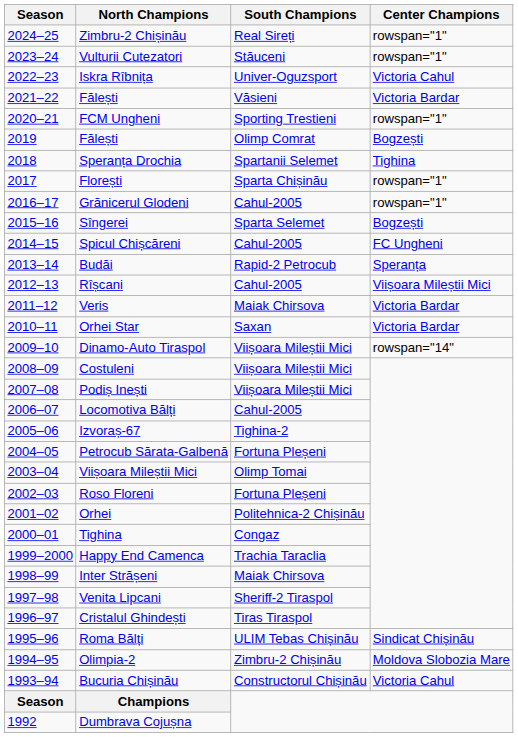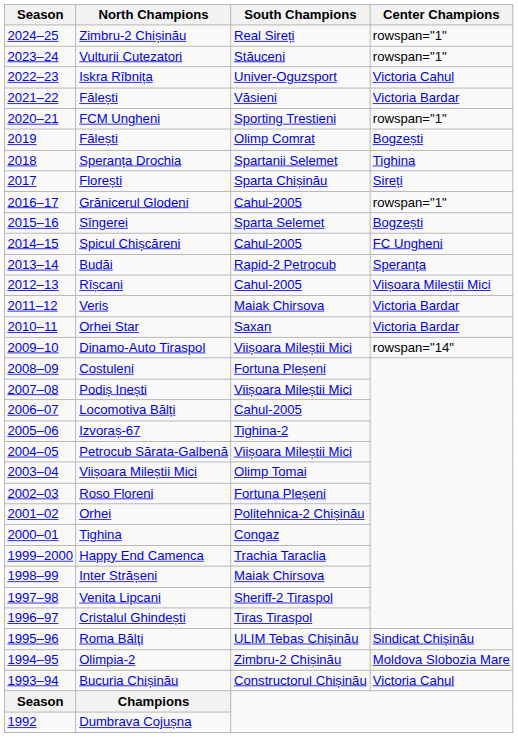 <table class="wikitable">
 <tr>
 <th>Season</th>
 <th>North Champions</th>
 <th>South Champions</th>
 <th>Center Champions</th>
 </tr>
 <tr>
 <td><a href='#'>2024–25</a></td>
 <td><a href='#'>Zimbru-2 Chișinău</a></td>
 <td><a href='#'>Real Sireți</a></td>
 <td>rowspan="1" </td>
 </tr>
 <tr>
 <td><a href='#'>2023–24</a></td>
 <td><a href='#'>Vulturii Cutezatori</a></td>
 <td><a href='#'>Stăuceni</a></td>
 <td>rowspan="1" </td>
 </tr>
 <tr>
 <td><a href='#'>2022–23</a></td>
 <td><a href='#'>Iskra Rîbnița</a></td>
 <td><a href='#'>Univer-Oguzsport</a></td>
 <td><a href='#'>Victoria Cahul</a></td>
 </tr>
 <tr>
 <td><a href='#'>2021–22</a></td>
 <td><a href='#'>Fălești</a></td>
 <td><a href='#'>Văsieni</a></td>
 <td><a href='#'>Victoria Bardar</a></td>
 </tr>
 <tr>
 <td><a href='#'>2020–21</a></td>
 <td><a href='#'>FCM Ungheni</a></td>
 <td><a href='#'>Sporting Trestieni</a></td>
 <td>rowspan="1" </td>
 </tr>
 <tr>
 <td><a href='#'>2019</a></td>
 <td><a href='#'>Fălești</a></td>
 <td><a href='#'>Olimp Comrat</a></td>
 <td><a href='#'>Bogzești</a></td>
 </tr>
 <tr>
 <td><a href='#'>2018</a></td>
 <td><a href='#'>Speranța Drochia</a></td>
 <td><a href='#'>Spartanii Selemet</a></td>
 <td><a href='#'>Tighina</a></td>
 </tr>
 <tr>
 <td><a href='#'>2017</a></td>
 <td><a href='#'>Florești</a></td>
 <td><a href='#'>Sparta Chișinău</a></td>
-<td>rowspan="1" </td>
+<td><a href='#'>Sireți</a></td>
 </tr>
 <tr>
 <td><a href='#'>2016–17</a></td>
 <td><a href='#'>Grănicerul Glodeni</a></td>
 <td><a href='#'>Cahul-2005</a></td>
 <td>rowspan="1" </td>
 </tr>
 <tr>
 <td><a href='#'>2015–16</a></td>
 <td><a href='#'>Sîngerei</a></td>
 <td><a href='#'>Sparta Selemet</a></td>
 <td><a href='#'>Bogzești</a></td>
 </tr>
 <tr>
 <td><a href='#'>2014–15</a></td>
 <td><a href='#'>Spicul Chișcăreni</a></td>
 <td><a href='#'>Cahul-2005</a></td>
 <td><a href='#'>FC Ungheni</a></td>
 </tr>
 <tr>
 <td><a href='#'>2013–14</a></td>
 <td><a href='#'>Budăi</a></td>
 <td><a href='#'>Rapid-2 Petrocub</a></td>
 <td><a href='#'>Speranța</a></td>
 </tr>
 <tr>
 <td><a href='#'>2012–13</a></td>
 <td><a href='#'>Rîșcani</a></td>
 <td><a href='#'>Cahul-2005</a></td>
 <td><a href='#'>Viișoara Mileștii Mici</a></td>
 </tr>
 <tr>
 <td><a href='#'>2011–12</a></td>
 <td><a href='#'>Veris</a></td>
 <td><a href='#'>Maiak Chirsova</a></td>
 <td><a href='#'>Victoria Bardar</a></td>
 </tr>
 <tr>
 <td><a href='#'>2010–11</a></td>
 <td><a href='#'>Orhei Star</a></td>
 <td><a href='#'>Saxan</a></td>
 <td><a href='#'>Victoria Bardar</a></td>
 </tr>
 <tr>
 <td><a href='#'>2009–10</a></td>
 <td><a href='#'>Dinamo-Auto Tiraspol</a></td>
 <td><a href='#'>Viișoara Mileștii Mici</a></td>
 <td>rowspan="14" </td>
 </tr>
 <tr>
 <td><a href='#'>2008–09</a></td>
 <td><a href='#'>Costuleni</a></td>
-<td><a href='#'>Viișoara Mileștii Mici</a></td>
+<td><a href='#'>Fortuna Pleșeni</a></td>
 </tr>
 <tr>
 <td><a href='#'>2007–08</a></td>
 <td><a href='#'>Podiș Inești</a></td>
 <td><a href='#'>Viișoara Mileștii Mici</a></td>
 </tr>
 <tr>
 <td><a href='#'>2006–07</a></td>
 <td><a href='#'>Locomotiva Bălți</a></td>
 <td><a href='#'>Cahul-2005</a></td>
 </tr>
 <tr>
 <td><a href='#'>2005–06</a></td>
 <td><a href='#'>Izvoraș-67</a></td>
 <td><a href='#'>Tighina-2</a></td>
 </tr>
 <tr>
 <td><a href='#'>2004–05</a></td>
 <td><a href='#'>Petrocub Sărata-Galbenă</a></td>
-<td><a href='#'>Fortuna Pleșeni</a></td>
+<td><a href='#'>Viișoara Mileștii Mici</a></td>
 </tr>
 <tr>
 <td><a href='#'>2003–04</a></td>
 <td><a href='#'>Viișoara Mileștii Mici</a></td>
 <td><a href='#'>Olimp Tomai</a></td>
 </tr>
 <tr>
 <td><a href='#'>2002–03</a></td>
 <td><a href='#'>Roso Floreni</a></td>
 <td><a href='#'>Fortuna Pleșeni</a></td>
 </tr>
 <tr>
 <td><a href='#'>2001–02</a></td>
 <td><a href='#'>Orhei</a></td>
 <td><a href='#'>Politehnica-2 Chișinău</a></td>
 </tr>
 <tr>
 <td><a href='#'>2000–01</a></td>
 <td><a href='#'>Tighina</a></td>
 <td><a href='#'>Congaz</a></td>
 </tr>
 <tr>
 <td><a href='#'>1999–2000</a></td>
 <td><a href='#'>Happy End Camenca</a></td>
 <td><a href='#'>Trachia Taraclia</a></td>
 </tr>
 <tr>
 <td><a href='#'>1998–99</a></td>
 <td><a href='#'>Inter Strășeni</a></td>
 <td><a href='#'>Maiak Chirsova</a></td>
 </tr>
 <tr>
 <td><a href='#'>1997–98</a></td>
 <td><a href='#'>Venita Lipcani</a></td>
 <td><a href='#'>Sheriff-2 Tiraspol</a></td>
 </tr>
 <tr>
 <td><a href='#'>1996–97</a></td>
 <td><a href='#'>Cristalul Ghindești</a></td>
 <td><a href='#'>Tiras Tiraspol</a></td>
 </tr>
 <tr>
 <td><a href='#'>1995–96</a></td>
 <td><a href='#'>Roma Bălți</a></td>
 <td><a href='#'>ULIM Tebas Chișinău</a></td>
 <td><a href='#'>Sindicat Chișinău</a></td>
 </tr>
 <tr>
 <td><a href='#'>1994–95</a></td>
 <td><a href='#'>Olimpia-2</a></td>
 <td><a href='#'>Zimbru-2 Chișinău</a></td>
 <td><a href='#'>Moldova Slobozia Mare</a></td>
 </tr>
 <tr>
 <td><a href='#'>1993–94</a></td>
 <td><a href='#'>Bucuria Chișinău</a></td>
 <td><a href='#'>Constructorul Chișinău</a></td>
 <td><a href='#'>Victoria Cahul</a></td>
 </tr>
 <tr>
 <th>Season</th>
 <th>Champions</th>
 </tr>
 <tr>
 <td><a href='#'>1992</a></td>
 <td><a href='#'>Dumbrava Cojușna</a></td>
 </tr>
 </table>
